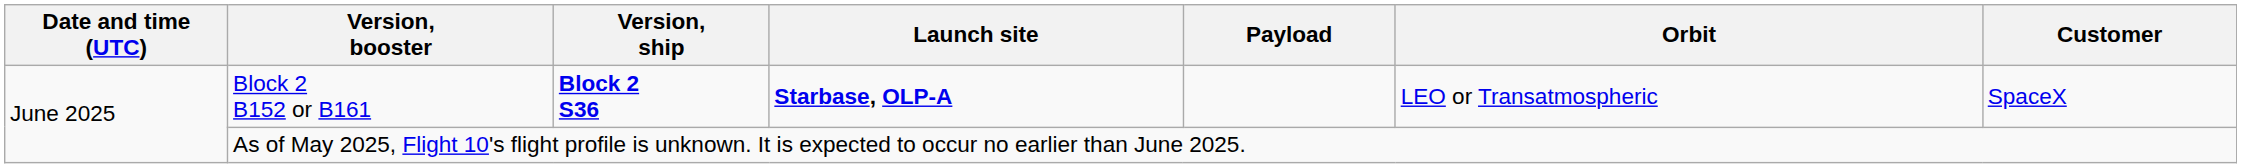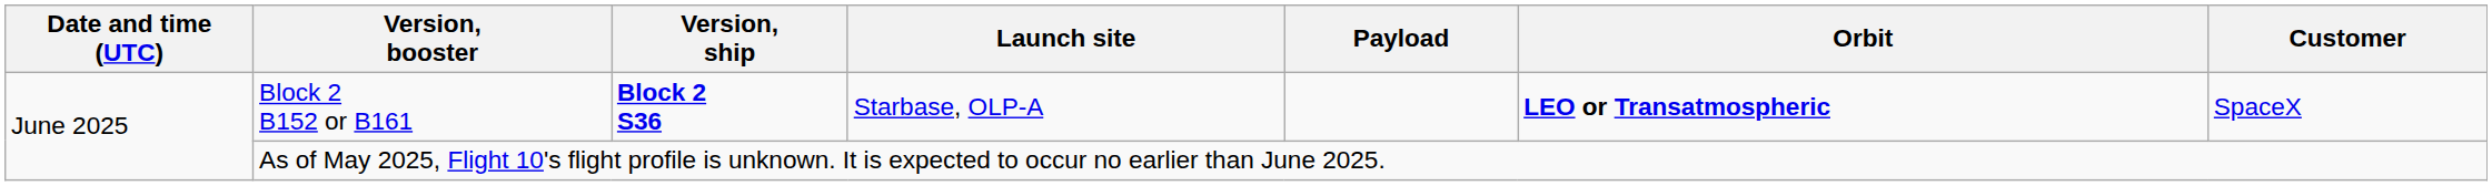 <table class="wikitable sticky-header" id="2025" style="width: 100%;">
 <tr>
 <th scope="col" style="width: 10%;">Date and time (<a href='#'>UTC</a>)</th>
 <th scope="col">Version,<br>booster</th>
 <th scope="col">Version,<br>ship</th>
 <th scope="col">Launch site</th>
 <th scope="col">Payload</th>
 <th scope="col">Orbit</th>
 <th scope="col">Customer</th>
 </tr>
 <tr>
 <td rowspan="2">June 2025</td>
 <td><a href='#'>Block 2</a><br><a href='#'>B152</a> or <a href='#'>B161</a><br></td>
 <td><strong><a href='#'>Block 2</a><br><a href='#'>S36</a><br></strong></td>
-<td><strong><a href='#'>Starbase</a>, <a href='#'>OLP-A</a></strong></td>
+<td><a href='#'>Starbase</a>, <a href='#'>OLP-A</a></td>
 <td></td>
-<td><a href='#'>LEO</a> or <a href='#'>Transatmospheric</a></td>
+<td><strong><a href='#'>LEO</a> or <a href='#'>Transatmospheric</a></strong></td>
 <td><a href='#'>SpaceX</a></td>
 </tr>
 <tr>
 <td colspan="6">As of May 2025, <a href='#'>Flight 10</a>'s flight profile is unknown. It is expected to occur no earlier than June 2025.</td>
 </tr>
 </table>
